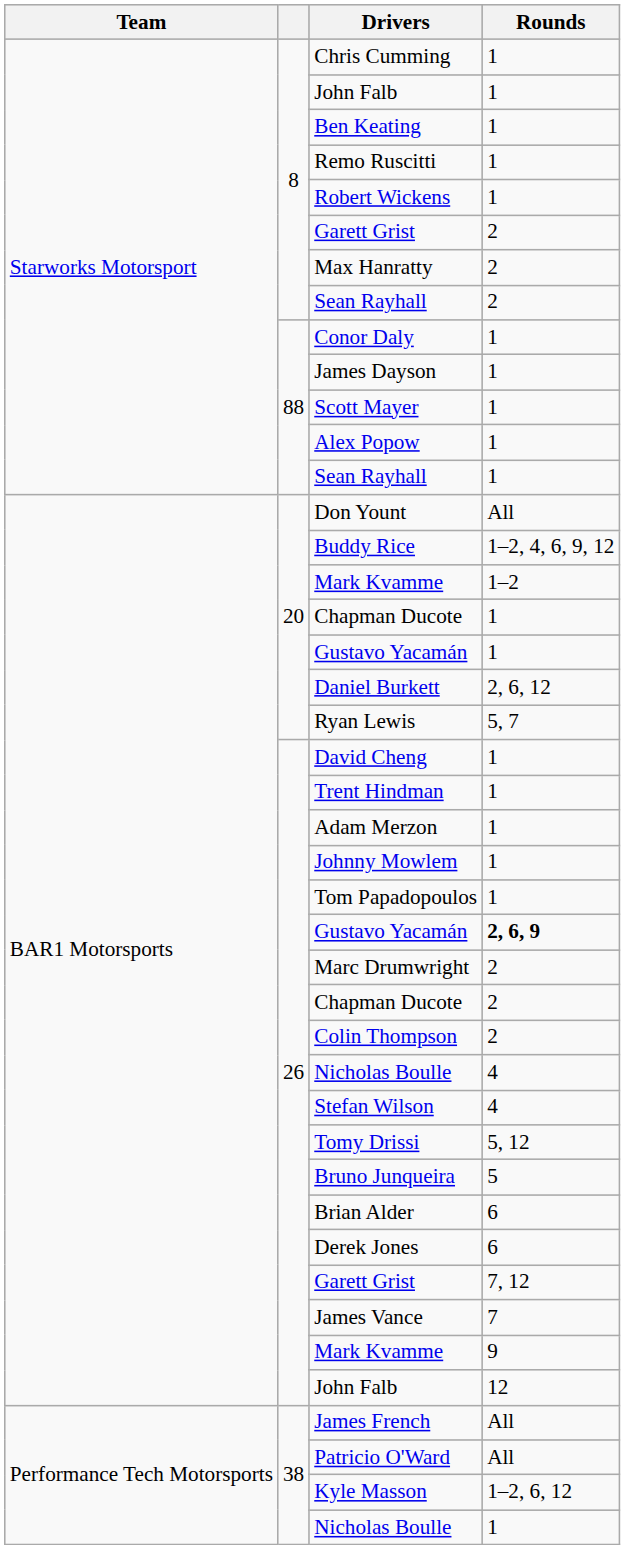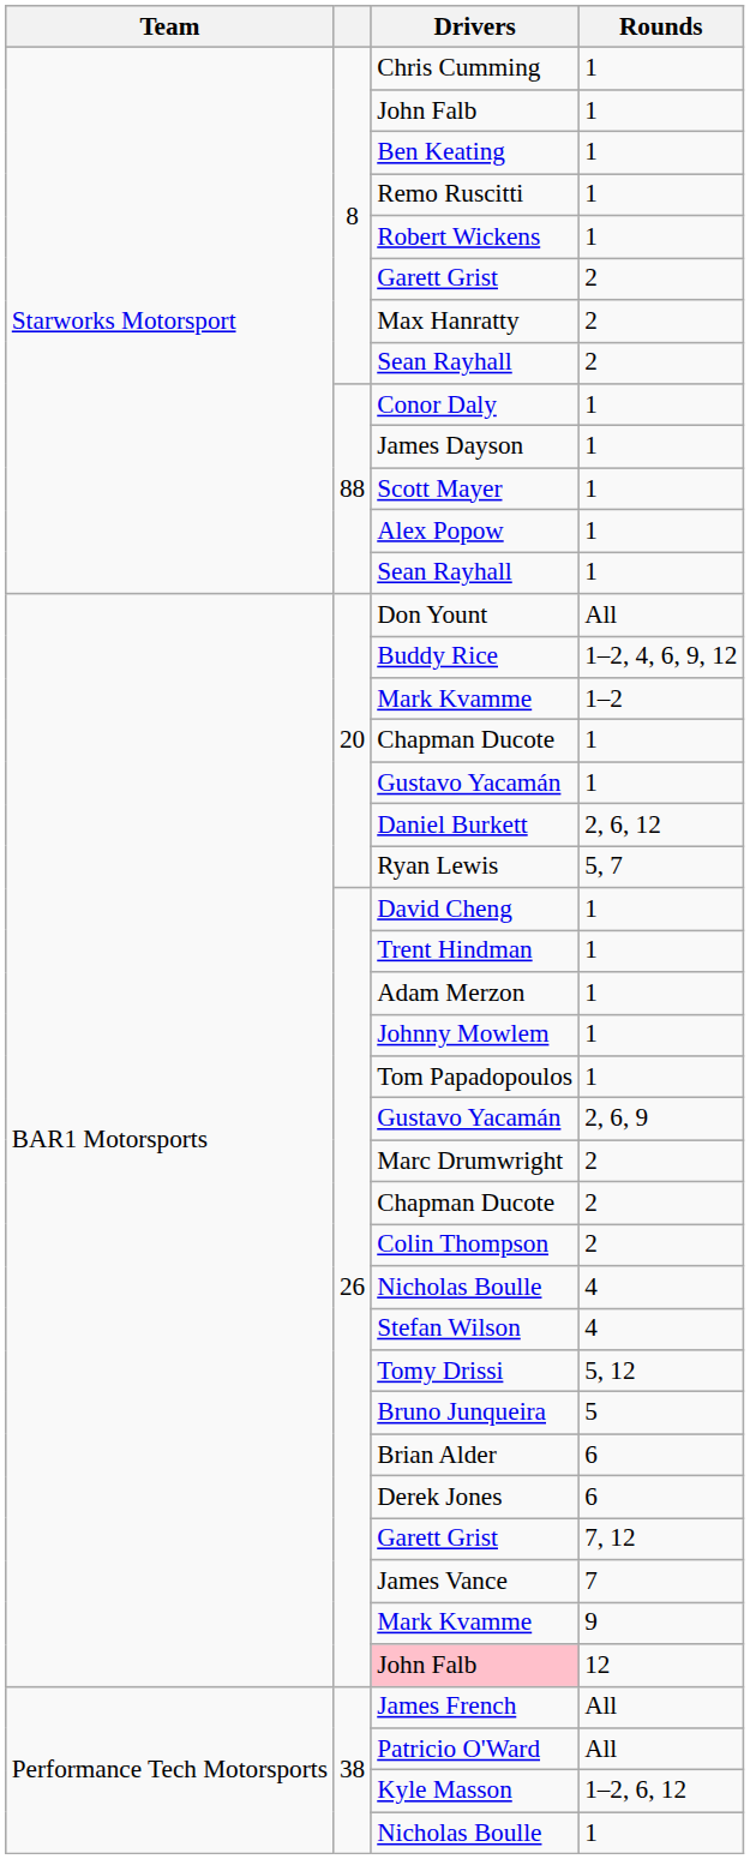 <table class="wikitable" style="font-size: 85%">
 <tr>
 <th>Team</th>
 <th></th>
 <th>Drivers</th>
 <th>Rounds</th>
 </tr>
 <tr>
 <td rowspan=13> <a href='#'>Starworks Motorsport</a></td>
 <td rowspan=8 align=middle>8</td>
 <td> Chris Cumming</td>
 <td>1</td>
 </tr>
 <tr>
 <td> John Falb</td>
 <td>1</td>
 </tr>
 <tr>
 <td> <a href='#'>Ben Keating</a></td>
 <td>1</td>
 </tr>
 <tr>
 <td> Remo Ruscitti</td>
 <td>1</td>
 </tr>
 <tr>
 <td> <a href='#'>Robert Wickens</a></td>
 <td>1</td>
 </tr>
 <tr>
 <td> <a href='#'>Garett Grist</a></td>
 <td>2</td>
 </tr>
 <tr>
 <td> Max Hanratty</td>
 <td>2</td>
 </tr>
 <tr>
 <td> <a href='#'>Sean Rayhall</a></td>
 <td>2</td>
 </tr>
 <tr>
 <td rowspan=5 align=middle>88</td>
 <td> <a href='#'>Conor Daly</a></td>
 <td>1</td>
 </tr>
 <tr>
 <td> James Dayson</td>
 <td>1</td>
 </tr>
 <tr>
 <td> <a href='#'>Scott Mayer</a></td>
 <td>1</td>
 </tr>
 <tr>
 <td> <a href='#'>Alex Popow</a></td>
 <td>1</td>
 </tr>
 <tr>
 <td> <a href='#'>Sean Rayhall</a></td>
 <td>1</td>
 </tr>
 <tr>
 <td rowspan=26> BAR1 Motorsports</td>
 <td rowspan=7 align=middle>20</td>
 <td> Don Yount</td>
 <td>All</td>
 </tr>
 <tr>
 <td> <a href='#'>Buddy Rice</a></td>
 <td>1–2, 4, 6, 9, 12</td>
 </tr>
 <tr>
 <td> <a href='#'>Mark Kvamme</a></td>
 <td>1–2</td>
 </tr>
 <tr>
 <td> Chapman Ducote</td>
 <td>1</td>
 </tr>
 <tr>
 <td> <a href='#'>Gustavo Yacamán</a></td>
 <td>1</td>
 </tr>
 <tr>
 <td> <a href='#'>Daniel Burkett</a></td>
 <td>2, 6, 12</td>
 </tr>
 <tr>
 <td> Ryan Lewis</td>
 <td>5, 7</td>
 </tr>
 <tr>
 <td rowspan=19 align=middle>26</td>
 <td> <a href='#'>David Cheng</a></td>
 <td>1</td>
 </tr>
 <tr>
 <td> <a href='#'>Trent Hindman</a></td>
 <td>1</td>
 </tr>
 <tr>
 <td> Adam Merzon</td>
 <td>1</td>
 </tr>
 <tr>
 <td> <a href='#'>Johnny Mowlem</a></td>
 <td>1</td>
 </tr>
 <tr>
 <td> Tom Papadopoulos</td>
 <td>1</td>
 </tr>
 <tr>
 <td> <a href='#'>Gustavo Yacamán</a></td>
-<td><strong>2, 6, 9</strong></td>
+<td>2, 6, 9</td>
 </tr>
 <tr>
 <td> Marc Drumwright</td>
 <td>2</td>
 </tr>
 <tr>
 <td> Chapman Ducote</td>
 <td>2</td>
 </tr>
 <tr>
 <td> <a href='#'>Colin Thompson</a></td>
 <td>2</td>
 </tr>
 <tr>
 <td> <a href='#'>Nicholas Boulle</a></td>
 <td>4</td>
 </tr>
 <tr>
 <td> <a href='#'>Stefan Wilson</a></td>
 <td>4</td>
 </tr>
 <tr>
 <td> <a href='#'>Tomy Drissi</a></td>
 <td>5, 12</td>
 </tr>
 <tr>
 <td> <a href='#'>Bruno Junqueira</a></td>
 <td>5</td>
 </tr>
 <tr>
 <td> Brian Alder</td>
 <td>6</td>
 </tr>
 <tr>
 <td> Derek Jones</td>
 <td>6</td>
 </tr>
 <tr>
 <td> <a href='#'>Garett Grist</a></td>
 <td>7, 12</td>
 </tr>
 <tr>
 <td> James Vance</td>
 <td>7</td>
 </tr>
 <tr>
 <td> <a href='#'>Mark Kvamme</a></td>
 <td>9</td>
 </tr>
 <tr>
-<td> John Falb</td>
+<td style="background: pink;"> John Falb</td>
 <td>12</td>
 </tr>
 <tr>
 <td rowspan=4> Performance Tech Motorsports</td>
 <td rowspan=4 align=middle>38</td>
 <td> <a href='#'>James French</a></td>
 <td>All</td>
 </tr>
 <tr>
 <td> <a href='#'>Patricio O'Ward</a></td>
 <td>All</td>
 </tr>
 <tr>
 <td> <a href='#'>Kyle Masson</a></td>
 <td>1–2, 6, 12</td>
 </tr>
 <tr>
 <td> <a href='#'>Nicholas Boulle</a></td>
 <td>1</td>
 </tr>
 </table>
